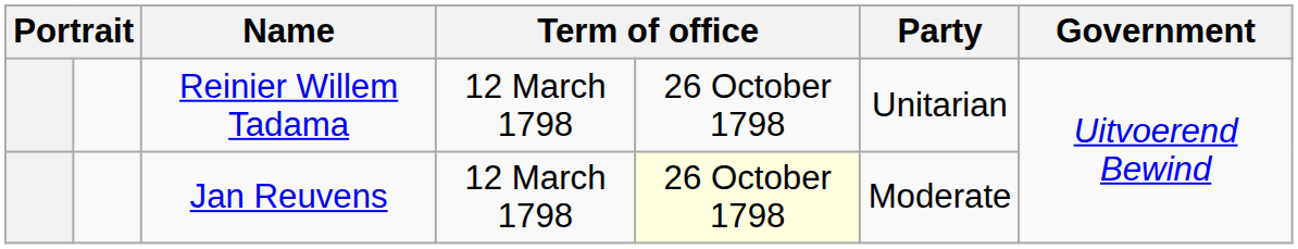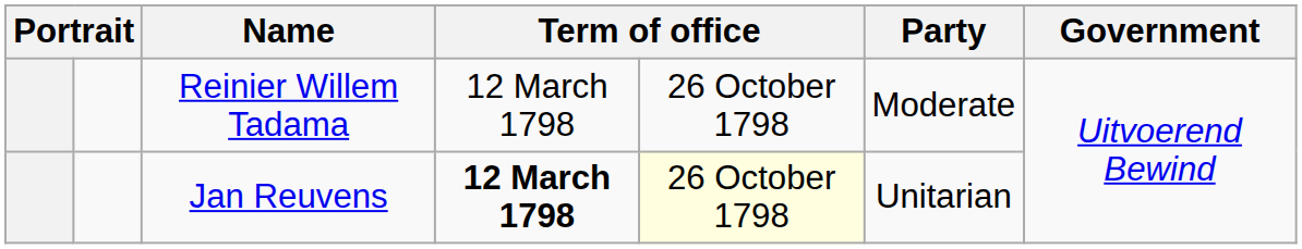 <table class="wikitable" style="text-align:center">
 <tr>
 <th colspan=2>Portrait</th>
 <th>Name</th>
 <th colspan=2>Term of office</th>
 <th>Party</th>
 <th>Government</th>
 </tr>
 <tr>
 <th style="background:"></th>
 <td></td>
 <td><a href='#'>Reinier Willem Tadama</a></td>
 <td>12 March 1798</td>
 <td>26 October 1798</td>
-<td>Unitarian</td>
+<td>Moderate</td>
 <td rowspan=2><em><a href='#'>Uitvoerend Bewind</a></em></td>
 </tr>
 <tr>
 <th style="background:"></th>
 <td></td>
 <td><a href='#'>Jan Reuvens</a></td>
-<td>12 March 1798</td>
+<td><strong>12 March 1798</strong></td>
 <td style="background: lightyellow;">26 October 1798</td>
-<td>Moderate</td>
+<td>Unitarian</td>
 </tr>
 </table>
